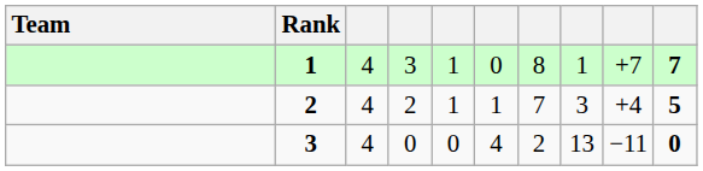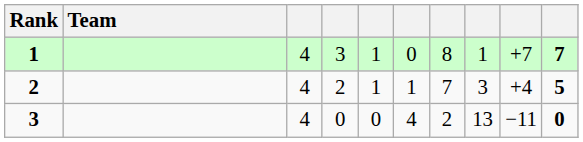 <table class="wikitable" style="text-align:center">
 <tr>
+<th width=30>Rank</th>
 <th width=165 style="text-align:left">Team</th>
-<th width=30>Rank</th>
 <th width=20></th>
 <th width=20></th>
 <th width=20></th>
 <th width=20></th>
 <th width=20></th>
 <th width=20></th>
 <th width=20></th>
 <th width=20></th>
 </tr>
 <tr bgcolor="#ccffcc">
+<td><strong>1</strong></td>
 <td align="left"></td>
-<td><strong>1</strong></td>
 <td>4</td>
 <td>3</td>
 <td>1</td>
 <td>0</td>
 <td>8</td>
 <td>1</td>
 <td>+7</td>
 <td><strong>7</strong></td>
 </tr>
 <tr>
+<td><strong>2</strong></td>
 <td align="left"></td>
-<td><strong>2</strong></td>
 <td>4</td>
 <td>2</td>
 <td>1</td>
 <td>1</td>
 <td>7</td>
 <td>3</td>
 <td>+4</td>
 <td><strong>5</strong></td>
 </tr>
 <tr>
+<td><strong>3</strong></td>
 <td align="left"></td>
-<td><strong>3</strong></td>
 <td>4</td>
 <td>0</td>
 <td>0</td>
 <td>4</td>
 <td>2</td>
 <td>13</td>
 <td>−11</td>
 <td><strong>0</strong></td>
 </tr>
 </table>
